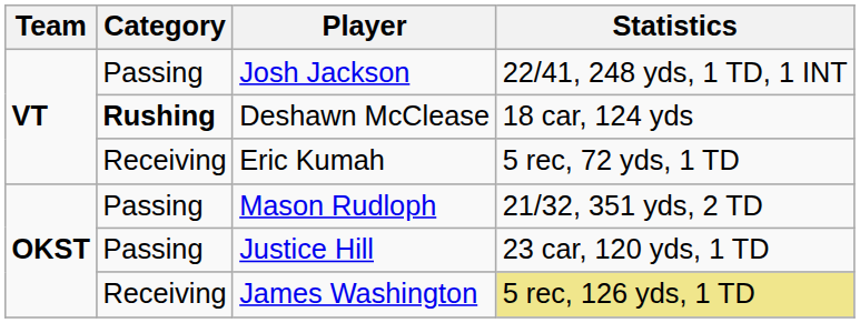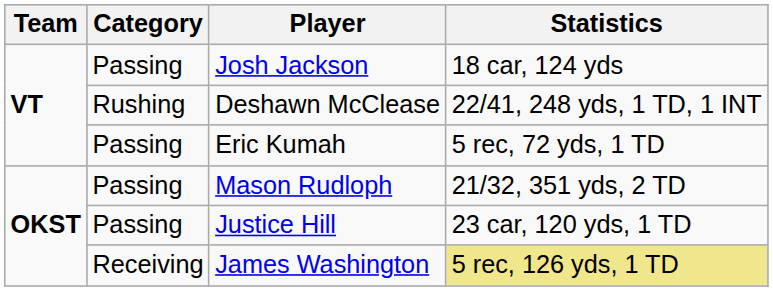 <table class="wikitable">
 <tr>
 <th>Team</th>
 <th>Category</th>
 <th>Player</th>
 <th>Statistics</th>
 </tr>
 <tr>
 <td rowspan=3><strong>VT</strong></td>
 <td>Passing</td>
 <td><a href='#'>Josh Jackson</a></td>
+<td>18 car, 124 yds</td>
+</tr>
+<tr>
+<td>Rushing</td>
+<td>Deshawn McClease</td>
 <td>22/41, 248 yds, 1 TD, 1 INT</td>
 </tr>
 <tr>
-<td><strong>Rushing</strong></td>
-<td>Deshawn McClease</td>
-<td>18 car, 124 yds</td>
-</tr>
-<tr>
-<td>Receiving</td>
+<td>Passing</td>
 <td>Eric Kumah</td>
 <td>5 rec, 72 yds, 1 TD</td>
 </tr>
 <tr>
 <td rowspan=3><strong>OKST</strong></td>
 <td>Passing</td>
 <td><a href='#'>Mason Rudloph</a></td>
 <td>21/32, 351 yds, 2 TD</td>
 </tr>
 <tr>
 <td>Passing</td>
 <td><a href='#'>Justice Hill</a></td>
 <td>23 car, 120 yds, 1 TD</td>
 </tr>
 <tr>
 <td>Receiving</td>
 <td><a href='#'>James Washington</a></td>
 <td style="background: khaki;">5 rec, 126 yds, 1 TD</td>
 </tr>
 </table>
